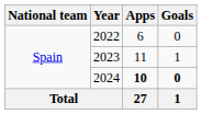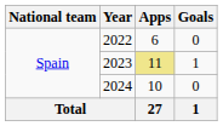 <table class="wikitable" style="text-align:center">
 <tr>
 <th>National team</th>
 <th>Year</th>
 <th>Apps</th>
 <th>Goals</th>
 </tr>
 <tr>
 <td rowspan="3"><a href='#'>Spain</a></td>
 <td>2022</td>
 <td>6</td>
 <td>0</td>
 </tr>
 <tr>
 <td>2023</td>
-<td>11</td>
+<td style="background: khaki;">11</td>
 <td>1</td>
 </tr>
 <tr>
 <td>2024</td>
-<td><strong>10</strong></td>
-<td><strong>0</strong></td>
+<td>10</td>
+<td>0</td>
 </tr>
 <tr>
 <th colspan="2">Total</th>
 <th>27</th>
 <th>1</th>
 </tr>
 </table>
